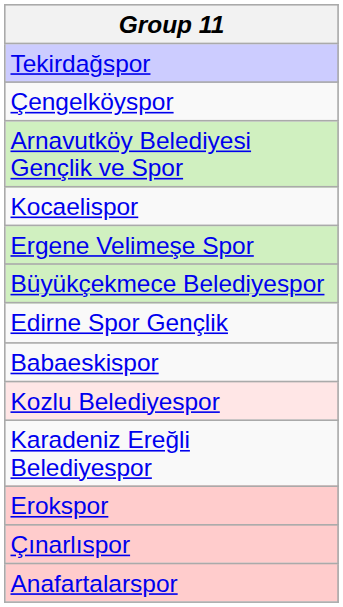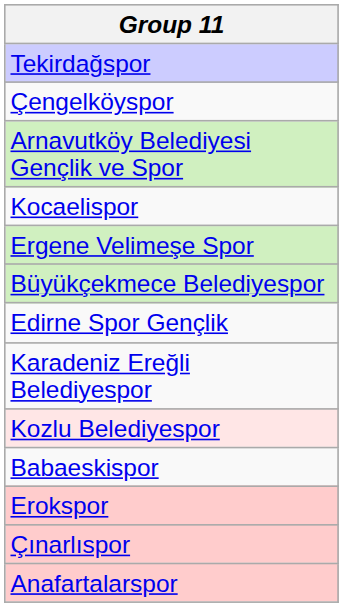 <table class="wikitable collapsible collapsed" style="font-size:95%;">
 <tr>
 <th colspan="1" width="200"><em>Group 11</em></th>
 </tr>
 <tr>
 <td style="background:#ccccff;"><a href='#'>Tekirdağspor</a></td>
 </tr>
 <tr>
 <td><a href='#'>Çengelköyspor</a></td>
 </tr>
 <tr>
 <td style="background:#D0F0C0;"><a href='#'>Arnavutköy Belediyesi Gençlik ve Spor</a></td>
 </tr>
 <tr>
 <td><a href='#'>Kocaelispor</a></td>
 </tr>
 <tr>
 <td style="background:#D0F0C0;"><a href='#'>Ergene Velimeşe Spor</a></td>
 </tr>
 <tr>
 <td style="background:#D0F0C0;"><a href='#'>Büyükçekmece Belediyespor</a></td>
 </tr>
 <tr>
 <td><a href='#'>Edirne Spor Gençlik</a></td>
 </tr>
 <tr>
-<td><a href='#'>Babaeskispor</a></td>
+<td><a href='#'>Karadeniz Ereğli Belediyespor</a></td>
 </tr>
 <tr>
 <td style="background:#FFE6E6;"><a href='#'>Kozlu Belediyespor</a></td>
 </tr>
 <tr>
-<td><a href='#'>Karadeniz Ereğli Belediyespor</a></td>
+<td><a href='#'>Babaeskispor</a></td>
 </tr>
 <tr>
 <td style="background:#fcc;"><a href='#'>Erokspor</a></td>
 </tr>
 <tr>
 <td style="background:#fcc;"><a href='#'>Çınarlıspor</a></td>
 </tr>
 <tr>
 <td style="background:#fcc;"><a href='#'>Anafartalarspor</a></td>
 </tr>
 </table>
